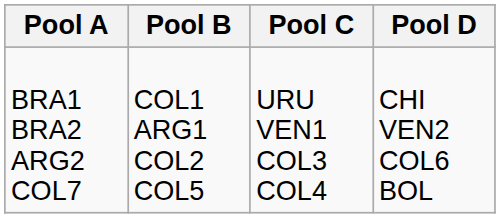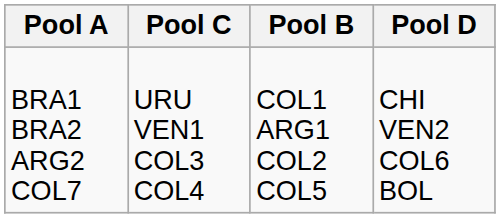 <table class="wikitable">
 <tr>
 <th width=20%>Pool A</th>
+<th width=20%>Pool C</th>
 <th width=20%>Pool B</th>
-<th width=20%>Pool C</th>
 <th width=20%>Pool D</th>
 </tr>
 <tr>
 <td><br> BRA1<br>  BRA2<br>  ARG2<br>  COL7</td>
+<td><br> URU<br>  VEN1<br>  COL3<br>  COL4</td>
 <td><br> COL1<br>  ARG1<br>  COL2<br>  COL5</td>
-<td><br> URU<br>  VEN1<br>  COL3<br>  COL4</td>
 <td><br> CHI<br>  VEN2<br>  COL6<br>  BOL</td>
 </tr>
 </table>
